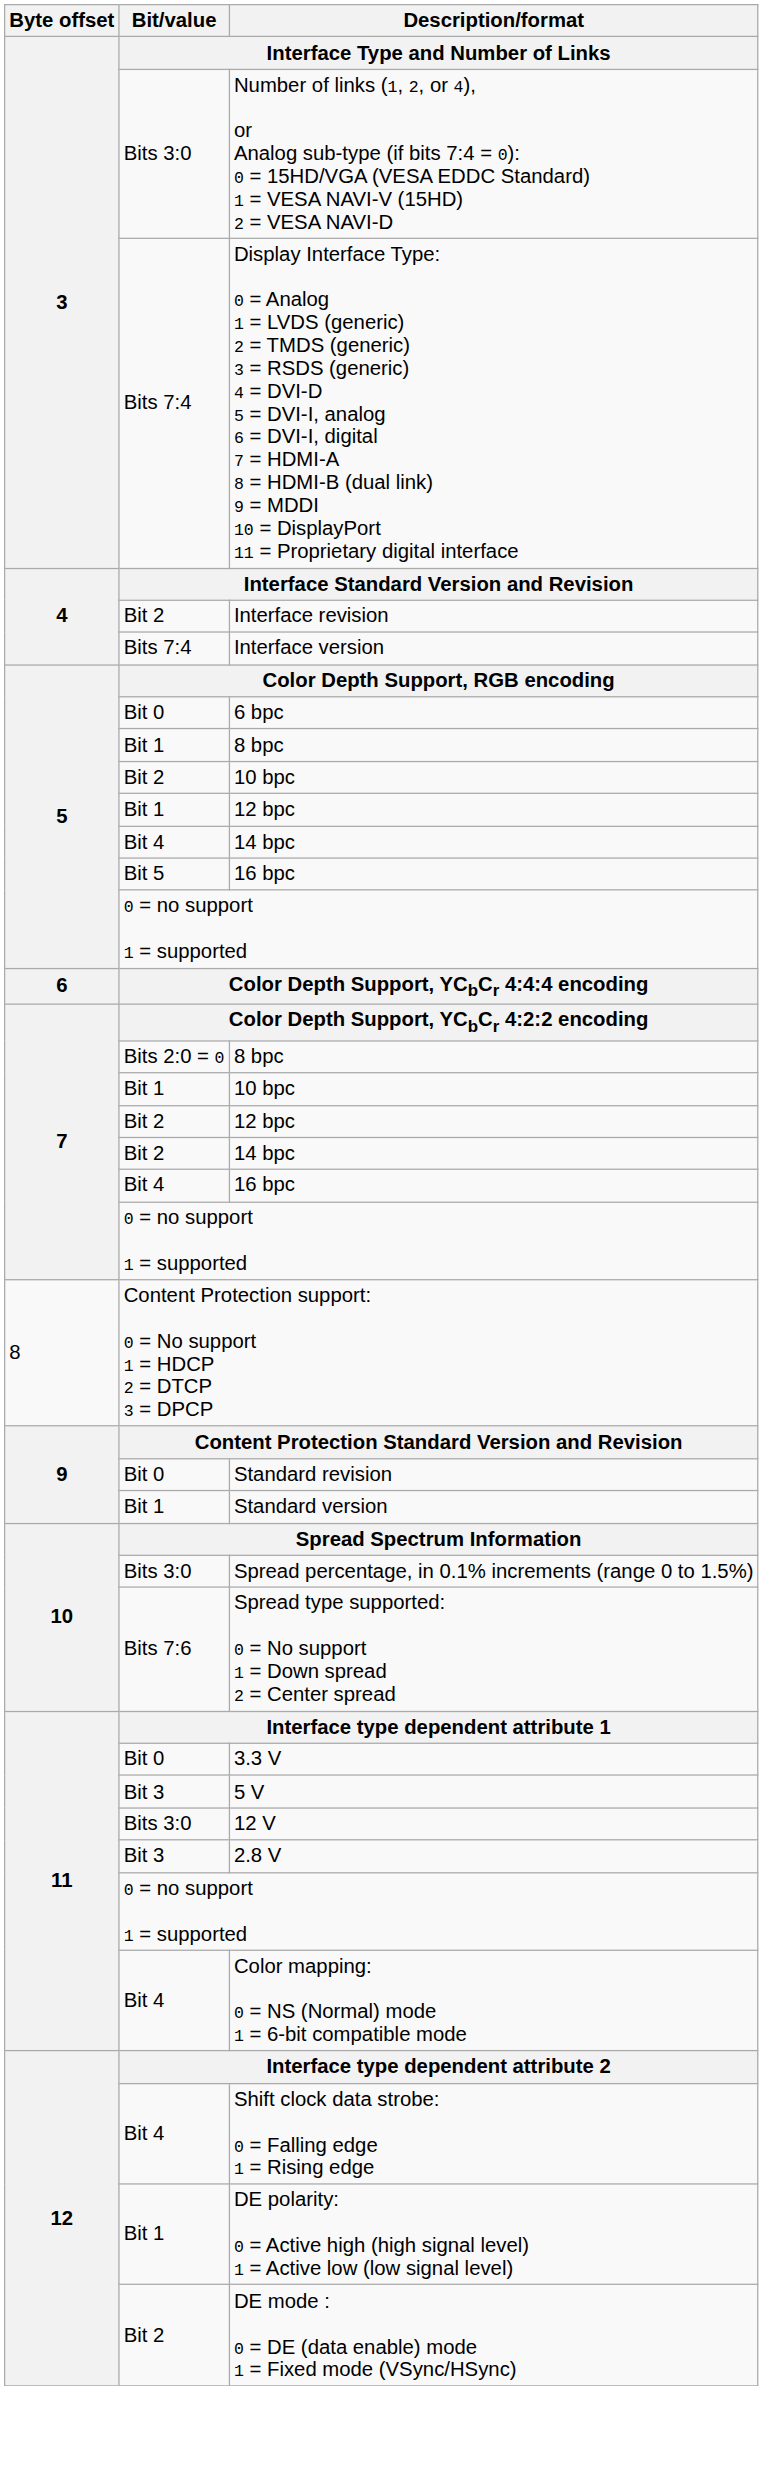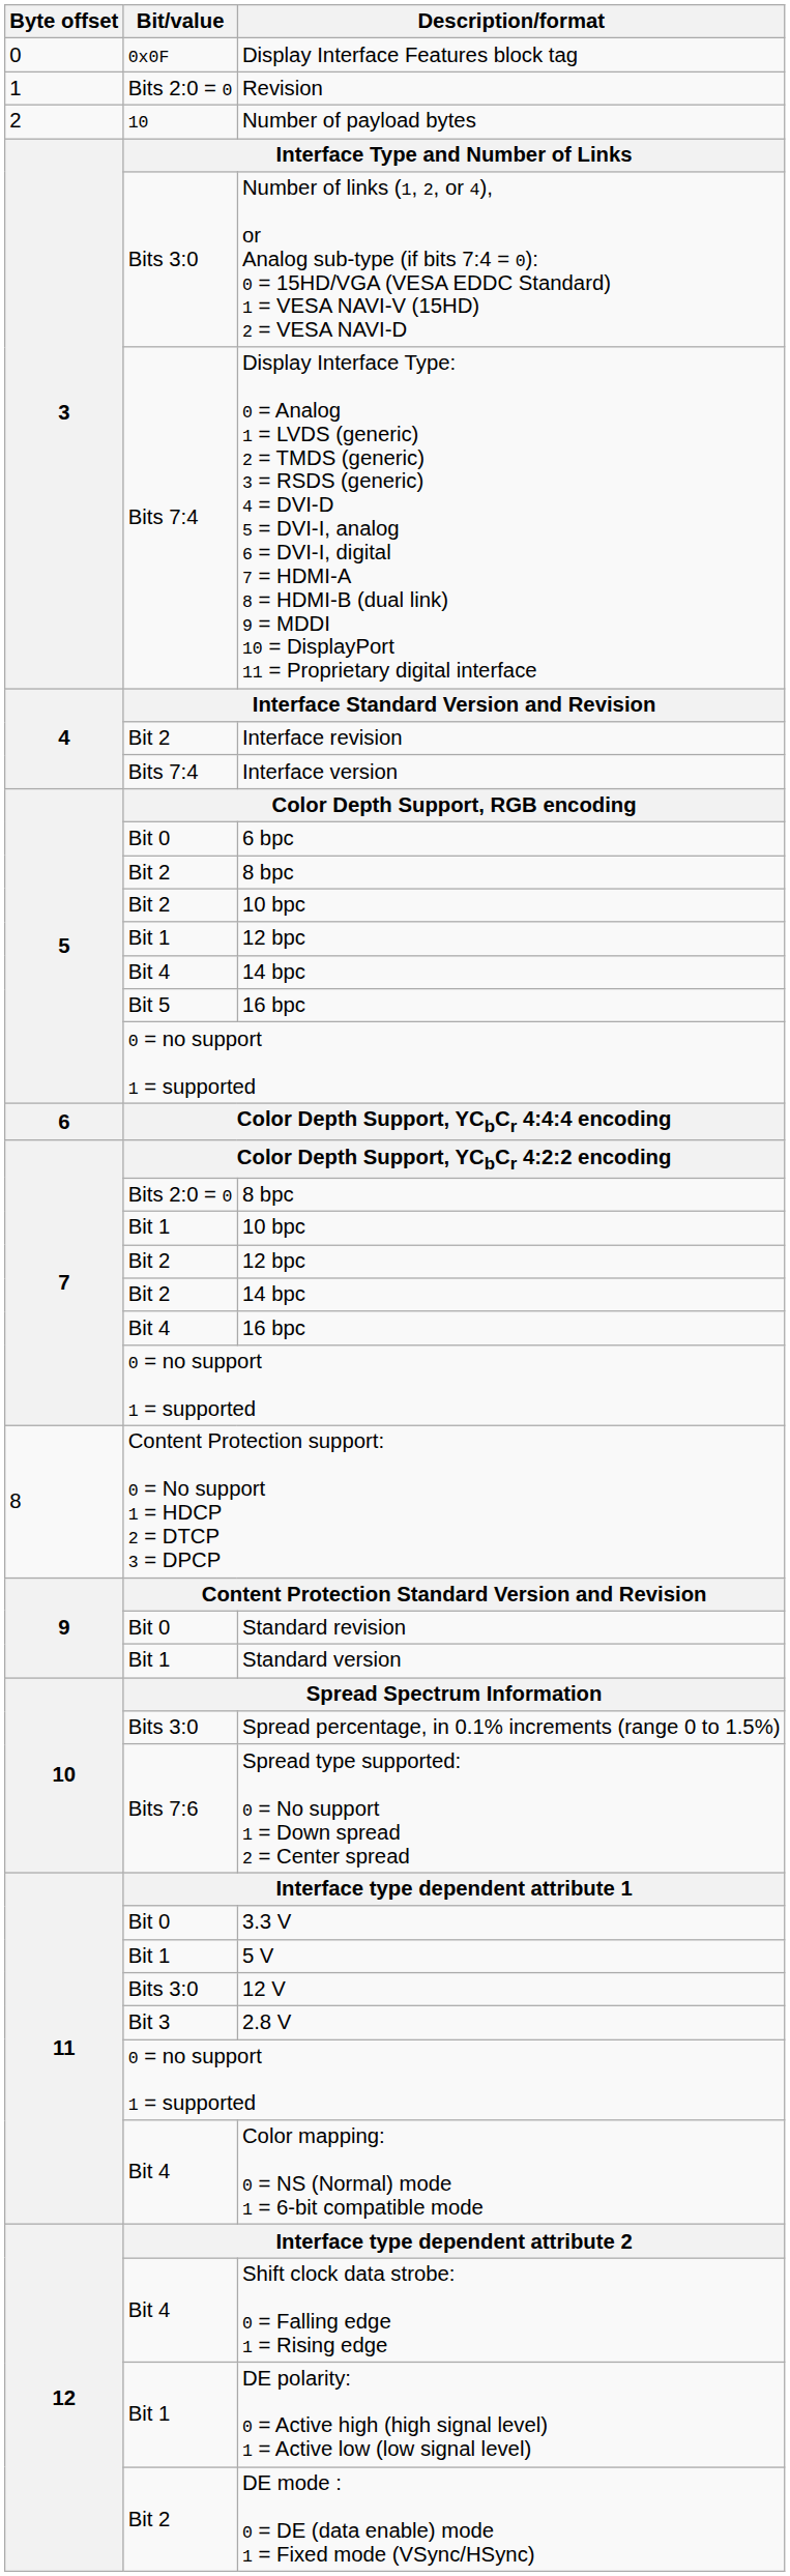 <table class=wikitable>
 <tr>
 <th>Byte offset</th>
 <th>Bit/value</th>
 <th>Description/format</th>
+</tr>
+<tr>
+<td>0</td>
+<td><code>0x0F</code></td>
+<td>Display Interface Features block tag</td>
+</tr>
+<tr>
+<td>1</td>
+<td>Bits 2:0 = <code>0</code></td>
+<td>Revision</td>
+</tr>
+<tr>
+<td>2</td>
+<td><code>10</code></td>
+<td>Number of payload bytes</td>
 </tr>
 <tr>
 <th rowspan=3>3</th>
 <th colspan=2>Interface Type and Number of Links</th>
 </tr>
 <tr>
 <td>Bits 3:0</td>
 <td>Number of links (<code>1</code>, <code>2</code>, or <code>4</code>),<br><br>or<br> Analog sub-type (if bits 7:4 = <code>0</code>):<br> <code>0</code> = 15HD/VGA (VESA EDDC Standard)<br> <code>1</code> = VESA NAVI-V (15HD)<br> <code>2</code> = VESA NAVI-D<br></td>
 </tr>
 <tr>
 <td>Bits 7:4</td>
 <td>Display Interface Type:<br><br><code>0</code> = Analog<br> <code>1</code> = LVDS (generic)<br> <code>2</code> = TMDS (generic)<br> <code>3</code> = RSDS (generic)<br> <code>4</code> = DVI-D<br> <code>5</code> = DVI-I, analog<br> <code>6</code> = DVI-I, digital<br> <code>7</code> = HDMI-A<br> <code>8</code> = HDMI-B (dual link)<br> <code>9</code> = MDDI<br> <code>10</code> = DisplayPort<br> <code>11</code> = Proprietary digital interface<br></td>
 </tr>
 <tr>
 <th rowspan=3>4</th>
 <th colspan=2>Interface Standard Version and Revision</th>
 </tr>
 <tr>
 <td>Bit 2</td>
 <td>Interface revision</td>
 </tr>
 <tr>
 <td>Bits 7:4</td>
 <td>Interface version</td>
 </tr>
 <tr>
 <th rowspan=8>5</th>
 <th colspan=2>Color Depth Support, RGB encoding</th>
 </tr>
 <tr>
 <td>Bit 0</td>
 <td>6 bpc</td>
 </tr>
 <tr>
-<td>Bit 1</td>
+<td>Bit 2</td>
 <td>8 bpc</td>
 </tr>
 <tr>
 <td>Bit 2</td>
 <td>10 bpc</td>
 </tr>
 <tr>
 <td>Bit 1</td>
 <td>12 bpc</td>
 </tr>
 <tr>
 <td>Bit 4</td>
 <td>14 bpc</td>
 </tr>
 <tr>
 <td>Bit 5</td>
 <td>16 bpc</td>
 </tr>
 <tr>
 <td colspan=2><code>0</code> = no support<br><br><code>1</code> = supported</td>
 </tr>
 <tr>
 <th>6</th>
 <th colspan=2>Color Depth Support, YC<sub>b</sub>C<sub>r</sub> 4:4:4 encoding</th>
 </tr>
 <tr>
 <th rowspan=7>7</th>
 <th colspan=2>Color Depth Support, YC<sub>b</sub>C<sub>r</sub> 4:2:2 encoding</th>
 </tr>
 <tr>
 <td>Bits 2:0 = <code>0</code></td>
 <td>8 bpc</td>
 </tr>
 <tr>
 <td>Bit 1</td>
 <td>10 bpc</td>
 </tr>
 <tr>
 <td>Bit 2</td>
 <td>12 bpc</td>
 </tr>
 <tr>
 <td>Bit 2</td>
 <td>14 bpc</td>
 </tr>
 <tr>
 <td>Bit 4</td>
 <td>16 bpc</td>
 </tr>
 <tr>
 <td colspan=2><code>0</code> = no support<br><br><code>1</code> = supported</td>
 </tr>
 <tr>
 <td>8</td>
 <td colspan=2>Content Protection support:<br><br><code>0</code> = No support<br> <code>1</code> = HDCP<br> <code>2</code> = DTCP<br> <code>3</code> = DPCP</td>
 </tr>
 <tr>
 <th rowspan=3>9</th>
 <th colspan=2>Content Protection Standard Version and Revision</th>
 </tr>
 <tr>
 <td>Bit 0</td>
 <td>Standard revision</td>
 </tr>
 <tr>
 <td>Bit 1</td>
 <td>Standard version</td>
 </tr>
 <tr>
 <th rowspan=3>10</th>
 <th colspan=2>Spread Spectrum Information</th>
 </tr>
 <tr>
 <td>Bits 3:0</td>
 <td>Spread percentage, in 0.1% increments (range 0 to 1.5%)</td>
 </tr>
 <tr>
 <td>Bits 7:6</td>
 <td>Spread type supported:<br><br><code>0</code> = No support<br> <code>1</code> = Down spread<br> <code>2</code> = Center spread<br></td>
 </tr>
 <tr>
 <th rowspan=7>11</th>
 <th colspan=2>Interface type dependent attribute 1</th>
 </tr>
 <tr>
 <td>Bit 0</td>
 <td>3.3 V</td>
 </tr>
 <tr>
-<td>Bit 3</td>
+<td>Bit 1</td>
 <td>5 V</td>
 </tr>
 <tr>
 <td>Bits 3:0</td>
 <td>12 V</td>
 </tr>
 <tr>
 <td>Bit 3</td>
 <td>2.8 V</td>
 </tr>
 <tr>
 <td colspan=2><code>0</code> = no support<br><br><code>1</code> = supported<br></td>
 </tr>
 <tr>
 <td>Bit 4</td>
 <td>Color mapping:<br><br><code>0</code> = NS (Normal) mode<br> <code>1</code> = 6-bit compatible mode<br></td>
 </tr>
 <tr>
 <th rowspan=4>12</th>
 <th colspan=2>Interface type dependent attribute 2</th>
 </tr>
 <tr>
 <td>Bit 4</td>
 <td>Shift clock data strobe:<br><br><code>0</code> = Falling edge<br> <code>1</code> = Rising edge<br></td>
 </tr>
 <tr>
 <td>Bit 1</td>
 <td>DE polarity:<br><br><code>0</code> = Active high (high signal level)<br> <code>1</code> = Active low (low signal level)<br></td>
 </tr>
 <tr>
 <td>Bit 2</td>
 <td>DE mode :<br><br><code>0</code> = DE (data enable) mode<br> <code>1</code> = Fixed mode (VSync/HSync)<br></td>
 </tr>
 </table>
